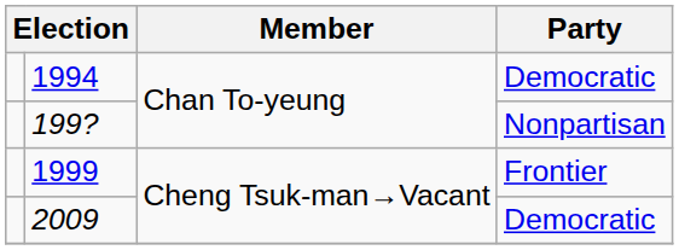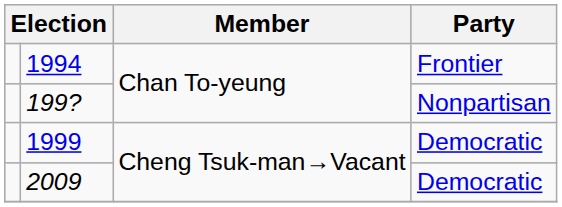 <table class="wikitable">
 <tr>
 <th colspan="2">Election</th>
 <th>Member</th>
 <th>Party</th>
 </tr>
 <tr>
 <td style="color:inherit;background:"></td>
 <td><a href='#'>1994</a></td>
 <td rowspan=2>Chan To-yeung</td>
-<td><a href='#'>Democratic</a></td>
+<td><a href='#'>Frontier</a></td>
 </tr>
 <tr>
 <td style="color:inherit;background:"></td>
 <td><em>199?</em></td>
 <td><a href='#'>Nonpartisan</a></td>
 </tr>
 <tr>
 <td style="color:inherit;background:"></td>
 <td><a href='#'>1999</a></td>
 <td rowspan=2>Cheng Tsuk-man→Vacant</td>
-<td><a href='#'>Frontier</a></td>
+<td><a href='#'>Democratic</a></td>
 </tr>
 <tr>
 <td style="color:inherit;background:"></td>
 <td><em>2009</em></td>
 <td><a href='#'>Democratic</a></td>
 </tr>
 <tr>
 </tr>
 </table>
